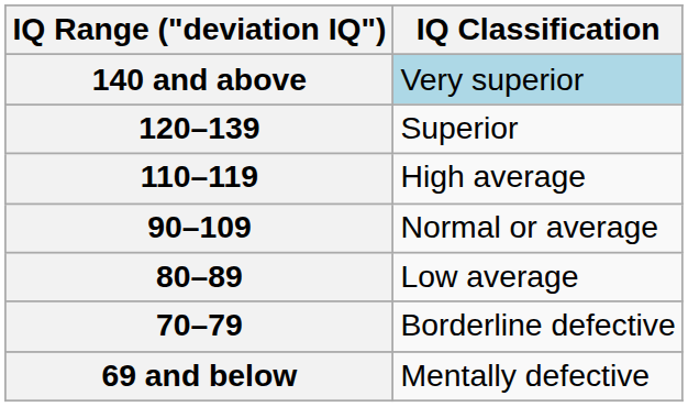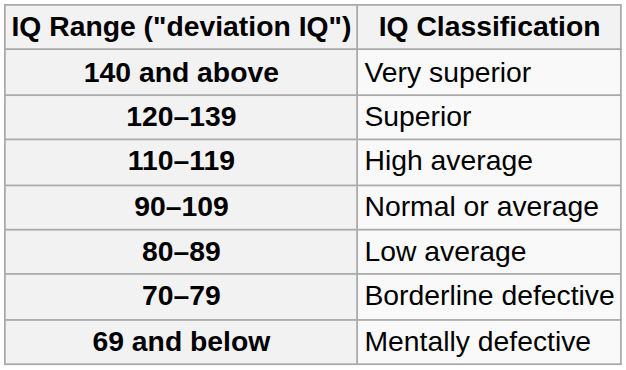 <table class="wikitable">
 <tr>
 <th>IQ Range ("deviation IQ")</th>
 <th>IQ Classification</th>
 </tr>
 <tr>
 <th>140 and above</th>
-<td style="background: lightblue;">Very superior</td>
+<td>Very superior</td>
 </tr>
 <tr>
 <th>120–139</th>
 <td>Superior</td>
 </tr>
 <tr>
 <th>110–119</th>
 <td>High average</td>
 </tr>
 <tr>
 <th>90–109</th>
 <td>Normal or average</td>
 </tr>
 <tr>
 <th>80–89</th>
 <td>Low average</td>
 </tr>
 <tr>
 <th>70–79</th>
 <td>Borderline defective</td>
 </tr>
 <tr>
 <th>69 and below</th>
 <td>Mentally defective</td>
 </tr>
 </table>
